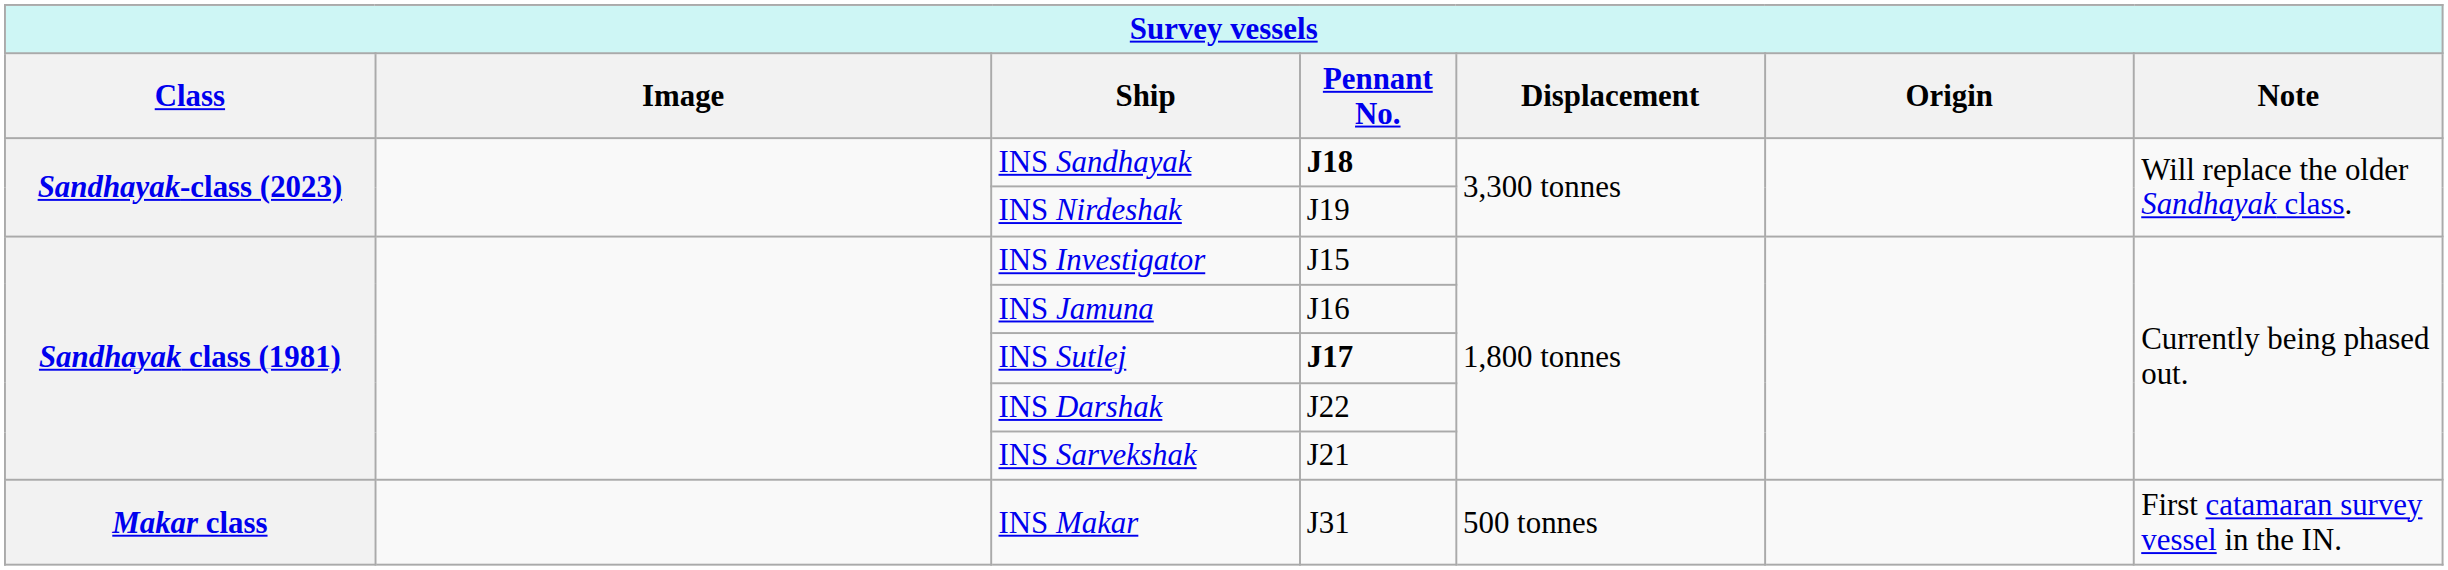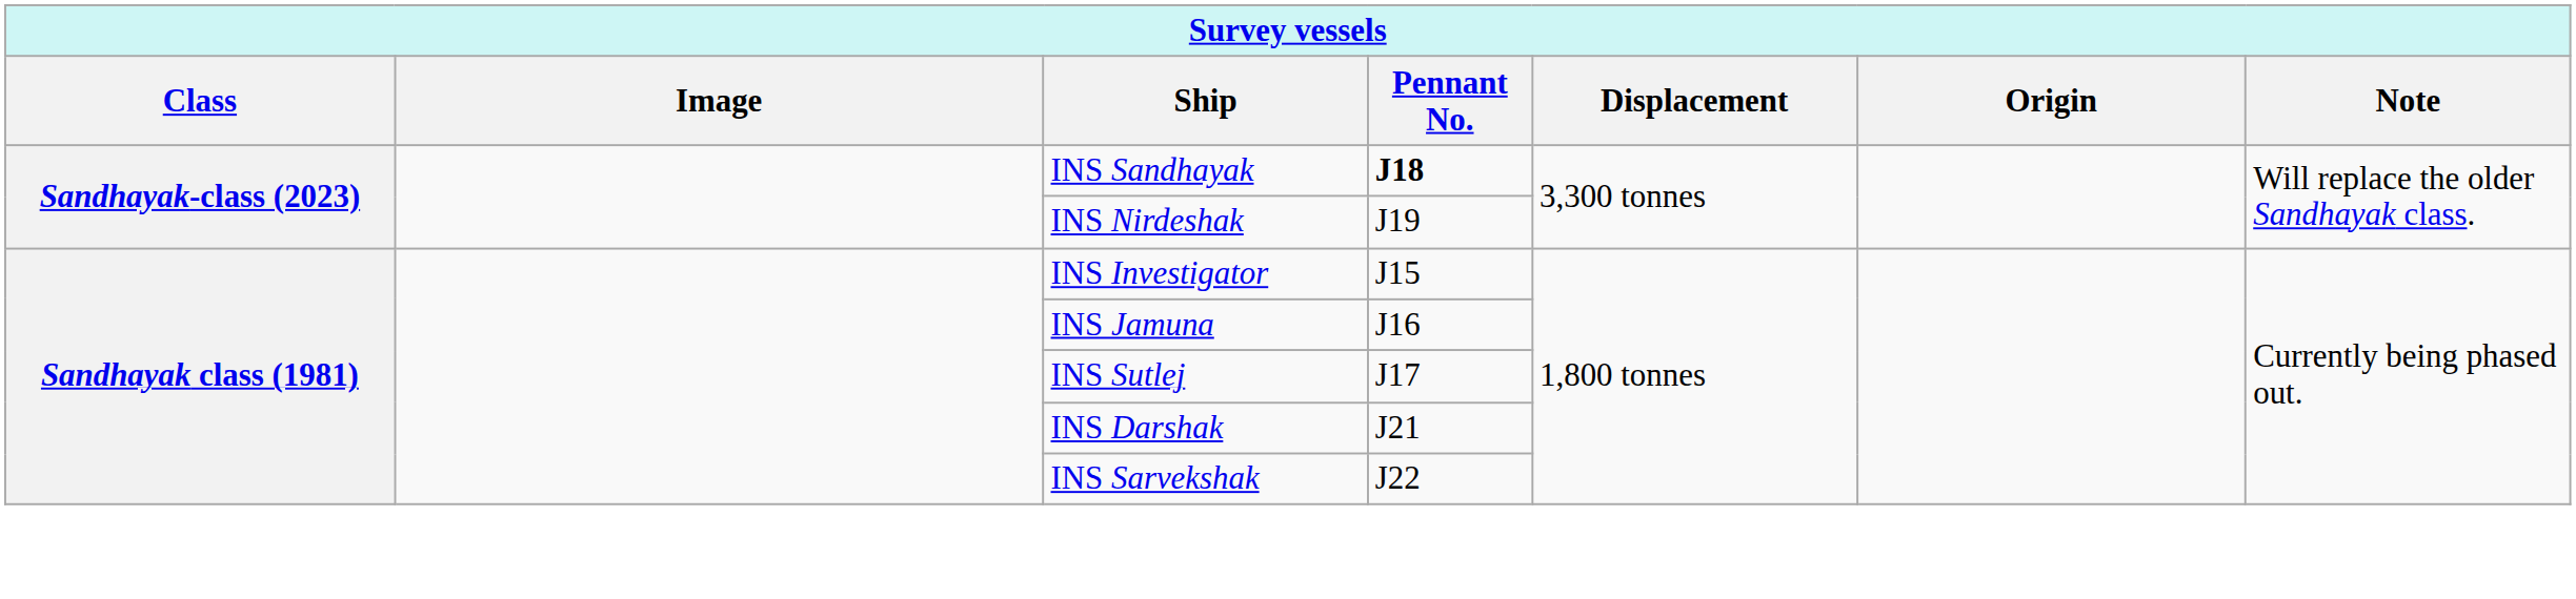 <table class="wikitable" style="margin:auto; width:100%;">
 <tr>
 <th colspan="7" style="align: center; background: #CEF6F5;"><a href='#'>Survey vessels</a></th>
 </tr>
 <tr>
 <th style="text-align:center; width:12%;"><a href='#'>Class</a></th>
 <th style="text-align:center; width:20%;">Image</th>
 <th style="text-align:center; width:10%;">Ship</th>
 <th style="text-align:center; width:5%;"><a href='#'>Pennant No.</a></th>
 <th style="text-align:center; width:10%;">Displacement</th>
 <th style="text-align:center; width:12%;">Origin</th>
 <th style="text-align:center; width:10%;">Note</th>
 </tr>
 <tr>
 <th rowspan="2"><a href='#'><em>Sandhayak</em>-class (2023)</a></th>
 <td rowspan="2"></td>
 <td><a href='#'>INS <em>Sandhayak</em></a></td>
 <td><strong>J18</strong></td>
 <td rowspan="2">3,300 tonnes</td>
 <td rowspan="2"></td>
 <td rowspan="2">Will replace the older <a href='#'><em>Sandhayak</em> class</a>.</td>
 </tr>
 <tr>
 <td><a href='#'>INS <em>Nirdeshak</em></a></td>
 <td>J19</td>
 </tr>
 <tr>
 <th rowspan="5"><a href='#'><em>Sandhayak</em> class (1981)</a></th>
 <td rowspan="5"></td>
 <td><a href='#'>INS <em>Investigator</em></a></td>
 <td>J15</td>
 <td rowspan="5">1,800 tonnes</td>
 <td rowspan="5"></td>
 <td rowspan="5">Currently being phased out.</td>
 </tr>
 <tr>
 <td><a href='#'>INS <em>Jamuna</em></a></td>
 <td>J16</td>
 </tr>
 <tr>
 <td><a href='#'>INS <em>Sutlej</em></a></td>
-<td><strong>J17</strong></td>
+<td>J17</td>
 </tr>
 <tr>
 <td><a href='#'>INS <em>Darshak</em></a></td>
-<td>J22</td>
+<td>J21</td>
 </tr>
 <tr>
 <td><a href='#'>INS <em>Sarvekshak</em></a></td>
-<td>J21</td>
-</tr>
-<tr>
-<th rowspan="1"><a href='#'><em>Makar</em> class</a></th>
-<td rowspan="1"></td>
-<td><a href='#'>INS <em>Makar</em></a></td>
-<td>J31</td>
-<td rowspan="1">500 tonnes</td>
-<td rowspan="1"></td>
-<td rowspan="1">First <a href='#'>catamaran survey vessel</a> in the IN.</td>
+<td>J22</td>
 </tr>
 </table>
